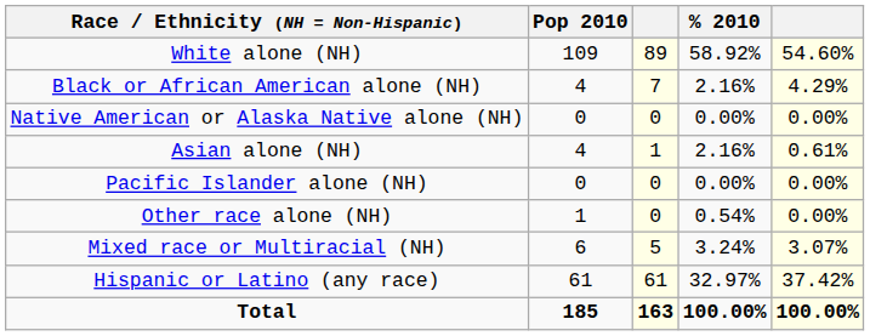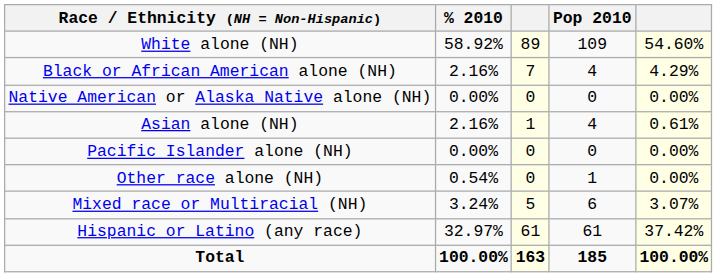 <table class="wikitable" style="text-align:center;">
 <tr>
 <th>Race / Ethnicity <small>(<em>NH = Non-Hispanic</em>)</small></th>
+<th>% 2010</th>
+<th></th>
 <th>Pop 2010</th>
-<th></th>
-<th>% 2010</th>
 <th></th>
 </tr>
 <tr>
 <td><a href='#'>White</a> alone (NH)</td>
+<td>58.92%</td>
+<td style='background: #ffffe6;'>89</td>
 <td>109</td>
-<td style='background: #ffffe6;'>89</td>
-<td>58.92%</td>
 <td style='background: #ffffe6;'>54.60%</td>
 </tr>
 <tr>
 <td><a href='#'>Black or African American</a> alone (NH)</td>
+<td>2.16%</td>
+<td style='background: #ffffe6;'>7</td>
 <td>4</td>
-<td style='background: #ffffe6;'>7</td>
-<td>2.16%</td>
 <td style='background: #ffffe6;'>4.29%</td>
 </tr>
 <tr>
 <td><a href='#'>Native American</a> or <a href='#'>Alaska Native</a> alone (NH)</td>
+<td>0.00%</td>
+<td style='background: #ffffe6;'>0</td>
 <td>0</td>
-<td style='background: #ffffe6;'>0</td>
-<td>0.00%</td>
 <td style='background: #ffffe6;'>0.00%</td>
 </tr>
 <tr>
 <td><a href='#'>Asian</a> alone (NH)</td>
+<td>2.16%</td>
+<td style='background: #ffffe6;'>1</td>
 <td>4</td>
-<td style='background: #ffffe6;'>1</td>
-<td>2.16%</td>
 <td style='background: #ffffe6;'>0.61%</td>
 </tr>
 <tr>
 <td><a href='#'>Pacific Islander</a> alone (NH)</td>
+<td>0.00%</td>
+<td style='background: #ffffe6;'>0</td>
 <td>0</td>
-<td style='background: #ffffe6;'>0</td>
-<td>0.00%</td>
 <td style='background: #ffffe6;'>0.00%</td>
 </tr>
 <tr>
 <td><a href='#'>Other race</a> alone (NH)</td>
+<td>0.54%</td>
+<td style='background: #ffffe6;'>0</td>
 <td>1</td>
-<td style='background: #ffffe6;'>0</td>
-<td>0.54%</td>
 <td style='background: #ffffe6;'>0.00%</td>
 </tr>
 <tr>
 <td><a href='#'>Mixed race or Multiracial</a> (NH)</td>
+<td>3.24%</td>
+<td style='background: #ffffe6;'>5</td>
 <td>6</td>
-<td style='background: #ffffe6;'>5</td>
-<td>3.24%</td>
 <td style='background: #ffffe6;'>3.07%</td>
 </tr>
 <tr>
 <td><a href='#'>Hispanic or Latino</a> (any race)</td>
+<td>32.97%</td>
+<td style='background: #ffffe6;'>61</td>
 <td>61</td>
-<td style='background: #ffffe6;'>61</td>
-<td>32.97%</td>
 <td style='background: #ffffe6;'>37.42%</td>
 </tr>
 <tr>
 <td><strong>Total</strong></td>
+<td><strong>100.00%</strong></td>
+<td style='background: #ffffe6;'><strong>163</strong></td>
 <td><strong>185</strong></td>
-<td style='background: #ffffe6;'><strong>163</strong></td>
-<td><strong>100.00%</strong></td>
 <td style='background: #ffffe6;'><strong>100.00%</strong></td>
 </tr>
 </table>
